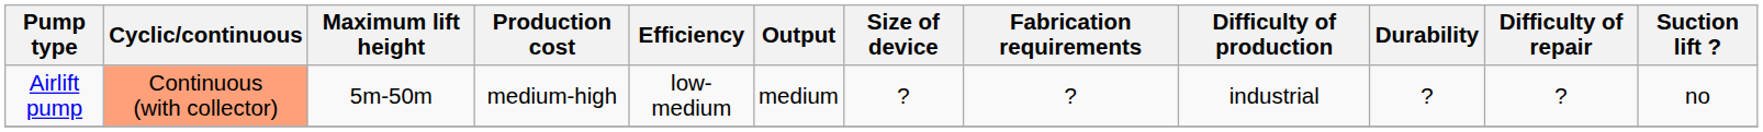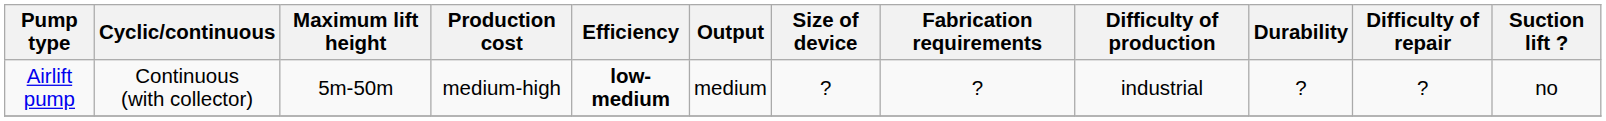 <table class="wikitable" style="text-align: center; width: auto;">
 <tr>
 <th>Pump type</th>
 <th>Cyclic/continuous</th>
 <th>Maximum lift height</th>
 <th>Production cost</th>
 <th>Efficiency</th>
 <th>Output</th>
 <th>Size of device</th>
 <th>Fabrication requirements</th>
 <th>Difficulty of production</th>
 <th>Durability</th>
 <th>Difficulty of repair</th>
 <th>Suction lift ?</th>
 </tr>
 <tr>
 <td><a href='#'>Airlift pump</a></td>
-<td style="background: lightsalmon;">Continuous<br>(with collector)</td>
+<td>Continuous<br>(with collector)</td>
 <td>5m-50m</td>
 <td>medium-high</td>
-<td>low-medium</td>
+<td><strong>low-medium</strong></td>
 <td>medium</td>
 <td>?</td>
 <td>?</td>
 <td>industrial</td>
 <td>?</td>
 <td>?</td>
 <td>no</td>
 </tr>
 <tr>
 </tr>
 </table>
